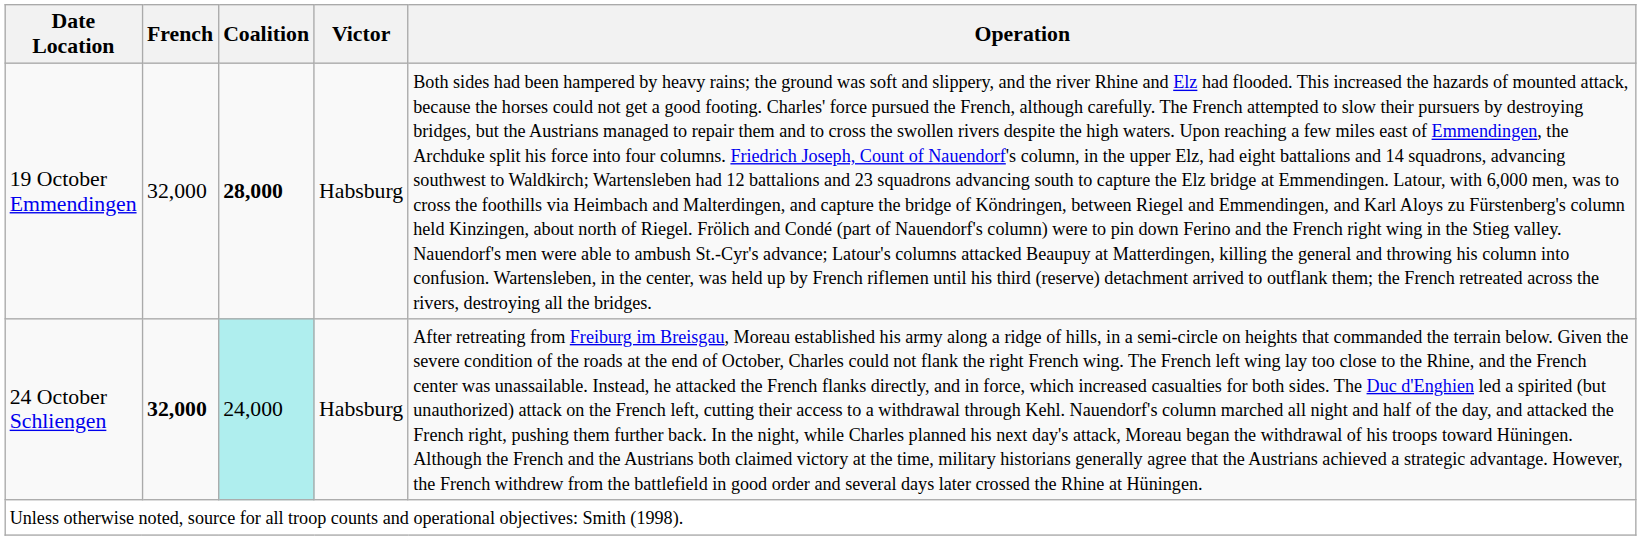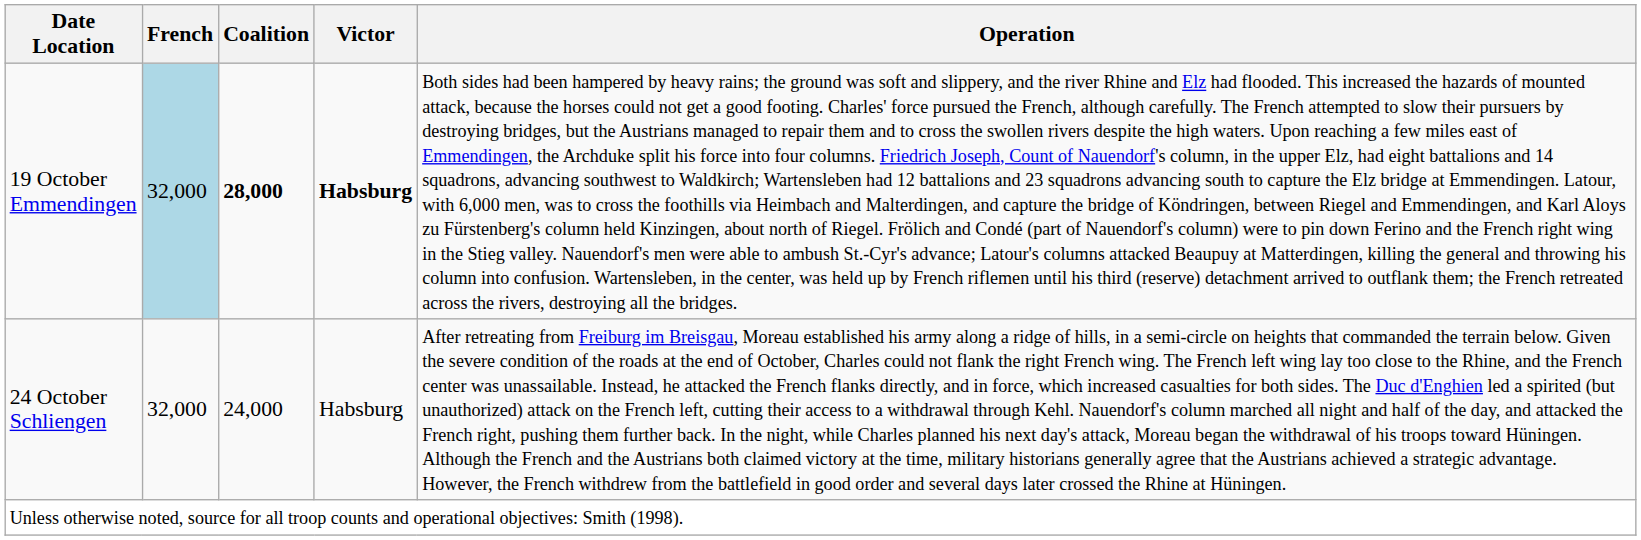 <table class="wikitable" style="width:95%; margin:auto;">
 <tr>
 <th>Date Location</th>
 <th>French</th>
 <th>Coalition</th>
 <th>Victor</th>
 <th>Operation</th>
 </tr>
 <tr>
 <td>19 October<br><a href='#'>Emmendingen</a></td>
-<td>32,000</td>
+<td style="background: lightblue;">32,000</td>
 <td><strong>28,000</strong></td>
-<td>Habsburg</td>
+<td><strong>Habsburg</strong></td>
 <td><small>Both sides had been hampered by heavy rains; the ground was soft and slippery, and the river Rhine and <a href='#'>Elz</a> had flooded. This increased the hazards of mounted attack, because the horses could not get a good footing. Charles' force pursued the French, although carefully. The French attempted to slow their pursuers by destroying bridges, but the Austrians managed to repair them and to cross the swollen rivers despite the high waters. Upon reaching a few miles east of <a href='#'>Emmendingen</a>, the Archduke split his force into four columns. <a href='#'>Friedrich Joseph, Count of Nauendorf</a>'s column, in the upper Elz, had eight battalions and 14 squadrons, advancing southwest to Waldkirch; Wartensleben had 12 battalions and 23 squadrons advancing south to capture the Elz bridge at Emmendingen. Latour, with 6,000 men, was to cross the foothills via Heimbach and Malterdingen, and capture the bridge of Köndringen, between Riegel and Emmendingen, and Karl Aloys zu Fürstenberg's column held Kinzingen, about  north of Riegel. Frölich and Condé (part of Nauendorf's column) were to pin down Ferino and the French right wing in the Stieg valley. Nauendorf's men were able to ambush St.-Cyr's advance; Latour's columns attacked Beaupuy at Matterdingen, killing the general and throwing his column into confusion. Wartensleben, in the center, was held up by French riflemen until his third (reserve) detachment arrived to outflank them; the French retreated across the rivers, destroying all the bridges.</small></td>
 </tr>
 <tr>
 <td>24 October<br><a href='#'>Schliengen</a></td>
-<td><strong>32,000</strong></td>
-<td style="background: paleturquoise;">24,000</td>
+<td>32,000</td>
+<td>24,000</td>
 <td>Habsburg</td>
 <td><small>After retreating from <a href='#'>Freiburg im Breisgau</a>, Moreau established his army along a ridge of hills, in a  semi-circle on heights that commanded the terrain below. Given the severe condition of the roads at the end of October, Charles could not flank the right French wing. The French left wing lay too close to the Rhine, and the French center was unassailable. Instead, he attacked the French flanks directly, and in force, which increased casualties for both sides. The <a href='#'>Duc d'Enghien</a> led a spirited (but unauthorized) attack on the French left, cutting their access to a withdrawal through Kehl. Nauendorf's column marched all night and half of the day, and attacked the French right, pushing them further back. In the night, while Charles planned his next day's attack, Moreau began the withdrawal of his troops toward Hüningen. Although the French and the Austrians both claimed victory at the time, military historians generally agree that the Austrians achieved a strategic advantage. However, the French withdrew from the battlefield in good order and several days later crossed the Rhine at Hüningen.</small></td>
 </tr>
 <tr>
 <td colspan="11" style="background:white;"><small>Unless otherwise noted, source for all troop counts and operational objectives: Smith (1998).</small></td>
 </tr>
 </table>
